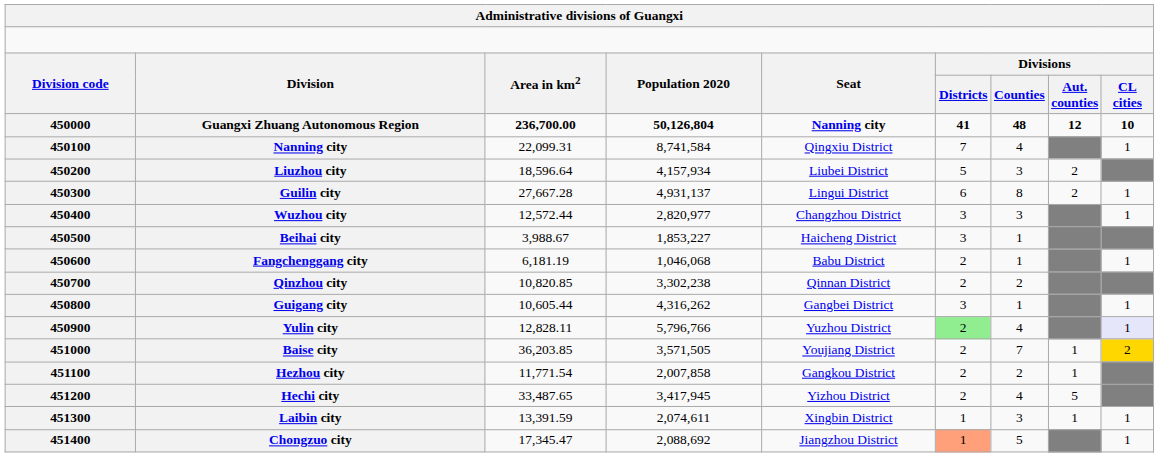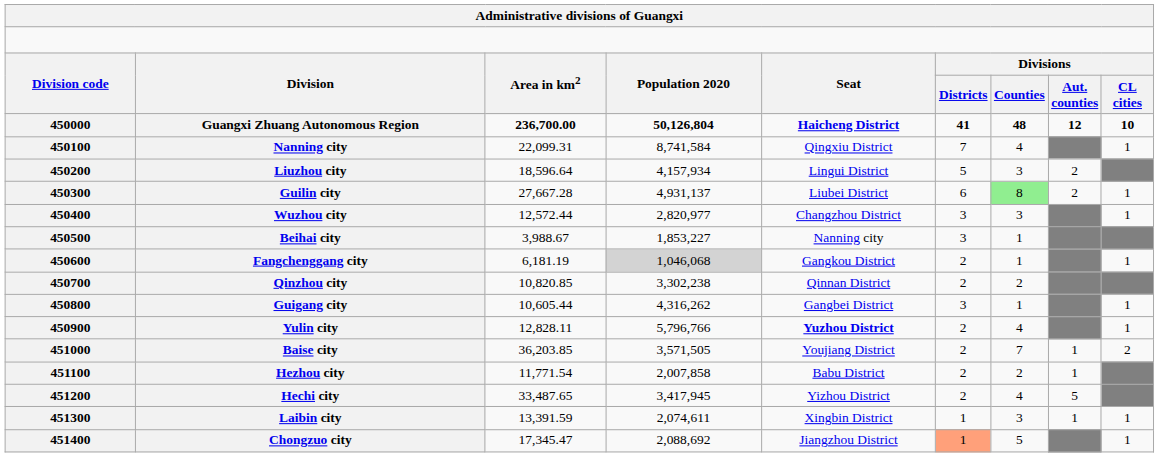 <table class="wikitable" style="margin:1em auto 1em auto; width:90%; font-size:smaller; text-align:center">
 <tr>
 <th colspan="9"><strong>Administrative divisions of Guangxi</strong></th>
 </tr>
 <tr>
 <td colspan="9" style="font-size:larger"><div><br>                 </div></td>
 </tr>
 <tr>
 <th ! scope="col" rowspan="2"><a href='#'>Division code</a></th>
 <th ! scope="col" rowspan="2">Division</th>
 <th ! scope="col" rowspan="2">Area in km<sup>2</sup></th>
 <th ! scope="col" rowspan="2">Population 2020</th>
 <th ! scope="col" rowspan="2">Seat</th>
 <th ! scope="col" colspan="4">Divisions</th>
 </tr>
 <tr>
 <th ! scope="col" width="45"><a href='#'>Districts</a></th>
 <th ! scope="col" width="45"><a href='#'>Counties</a></th>
 <th ! scope="col" width="45"><a href='#'>Aut. counties</a></th>
 <th ! scope="col" width="45"><a href='#'>CL cities</a></th>
 </tr>
 <tr style="font-weight: bold">
 <th>450000</th>
 <th>Guangxi Zhuang Autonomous Region</th>
 <td>236,700.00</td>
 <td>50,126,804</td>
-<td><a href='#'>Nanning</a> city</td>
+<td><a href='#'>Haicheng District</a></td>
 <td>41</td>
 <td>48</td>
 <td>12</td>
 <td>10</td>
 </tr>
 <tr>
 <th>450100</th>
 <th><a href='#'>Nanning</a> city</th>
 <td>22,099.31</td>
 <td>8,741,584</td>
 <td><a href='#'>Qingxiu District</a></td>
 <td>7</td>
 <td>4</td>
 <td bgcolor="grey"></td>
 <td>1</td>
 </tr>
 <tr>
 <th>450200</th>
 <th><a href='#'>Liuzhou</a> city</th>
 <td>18,596.64</td>
 <td>4,157,934</td>
-<td><a href='#'>Liubei District</a></td>
+<td><a href='#'>Lingui District</a></td>
 <td>5</td>
 <td>3</td>
 <td>2</td>
 <td bgcolor="grey"></td>
 </tr>
 <tr>
 <th>450300</th>
 <th><a href='#'>Guilin</a> city</th>
 <td>27,667.28</td>
 <td>4,931,137</td>
-<td><a href='#'>Lingui District</a></td>
+<td><a href='#'>Liubei District</a></td>
 <td>6</td>
-<td>8</td>
+<td style="background: lightgreen;">8</td>
 <td>2</td>
 <td>1</td>
 </tr>
 <tr>
 <th>450400</th>
 <th><a href='#'>Wuzhou</a> city</th>
 <td>12,572.44</td>
 <td>2,820,977</td>
 <td><a href='#'>Changzhou District</a></td>
 <td>3</td>
 <td>3</td>
 <td bgcolor="grey"></td>
 <td>1</td>
 </tr>
 <tr>
 <th>450500</th>
 <th><a href='#'>Beihai</a> city</th>
 <td>3,988.67</td>
 <td>1,853,227</td>
-<td><a href='#'>Haicheng District</a></td>
+<td><a href='#'>Nanning</a> city</td>
 <td>3</td>
 <td>1</td>
 <td bgcolor="grey"></td>
 <td bgcolor="grey"></td>
 </tr>
 <tr>
 <th>450600</th>
 <th><a href='#'>Fangchenggang</a> city</th>
 <td>6,181.19</td>
-<td>1,046,068</td>
-<td><a href='#'>Babu District</a></td>
+<td style="background: lightgrey;">1,046,068</td>
+<td><a href='#'>Gangkou District</a></td>
 <td>2</td>
 <td>1</td>
 <td bgcolor="grey"></td>
 <td>1</td>
 </tr>
 <tr>
 <th>450700</th>
 <th><a href='#'>Qinzhou</a> city</th>
 <td>10,820.85</td>
 <td>3,302,238</td>
 <td><a href='#'>Qinnan District</a></td>
 <td>2</td>
 <td>2</td>
 <td bgcolor="grey"></td>
 <td bgcolor="grey"></td>
 </tr>
 <tr>
 <th>450800</th>
 <th><a href='#'>Guigang</a> city</th>
 <td>10,605.44</td>
 <td>4,316,262</td>
 <td><a href='#'>Gangbei District</a></td>
 <td>3</td>
 <td>1</td>
 <td bgcolor="grey"></td>
 <td>1</td>
 </tr>
 <tr>
 <th>450900</th>
 <th><a href='#'>Yulin</a> city</th>
 <td>12,828.11</td>
 <td>5,796,766</td>
-<td><a href='#'>Yuzhou District</a></td>
-<td style="background: lightgreen;">2</td>
+<td><strong><a href='#'>Yuzhou District</a></strong></td>
+<td>2</td>
 <td>4</td>
 <td bgcolor="grey"></td>
-<td style="background: lavender;">1</td>
+<td>1</td>
 </tr>
 <tr>
 <th>451000</th>
 <th><a href='#'>Baise</a> city</th>
 <td>36,203.85</td>
 <td>3,571,505</td>
 <td><a href='#'>Youjiang District</a></td>
 <td>2</td>
 <td>7</td>
 <td>1</td>
-<td style="background: gold;">2</td>
+<td>2</td>
 </tr>
 <tr>
 <th>451100</th>
 <th><a href='#'>Hezhou</a> city</th>
 <td>11,771.54</td>
 <td>2,007,858</td>
-<td><a href='#'>Gangkou District</a></td>
+<td><a href='#'>Babu District</a></td>
 <td>2</td>
 <td>2</td>
 <td>1</td>
 <td bgcolor="grey"></td>
 </tr>
 <tr>
 <th>451200</th>
 <th><a href='#'>Hechi</a> city</th>
 <td>33,487.65</td>
 <td>3,417,945</td>
 <td><a href='#'>Yizhou District</a></td>
 <td>2</td>
 <td>4</td>
 <td>5</td>
 <td bgcolor="grey"></td>
 </tr>
 <tr>
 <th>451300</th>
 <th><a href='#'>Laibin</a> city</th>
 <td>13,391.59</td>
 <td>2,074,611</td>
 <td><a href='#'>Xingbin District</a></td>
 <td>1</td>
 <td>3</td>
 <td>1</td>
 <td>1</td>
 </tr>
 <tr>
 <th>451400</th>
 <th><a href='#'>Chongzuo</a> city</th>
 <td>17,345.47</td>
 <td>2,088,692</td>
 <td><a href='#'>Jiangzhou District</a></td>
 <td style="background: lightsalmon;">1</td>
 <td>5</td>
 <td bgcolor="grey"></td>
 <td>1</td>
 </tr>
 </table>
